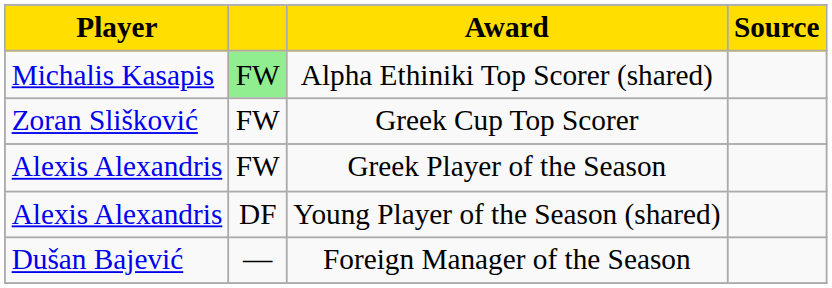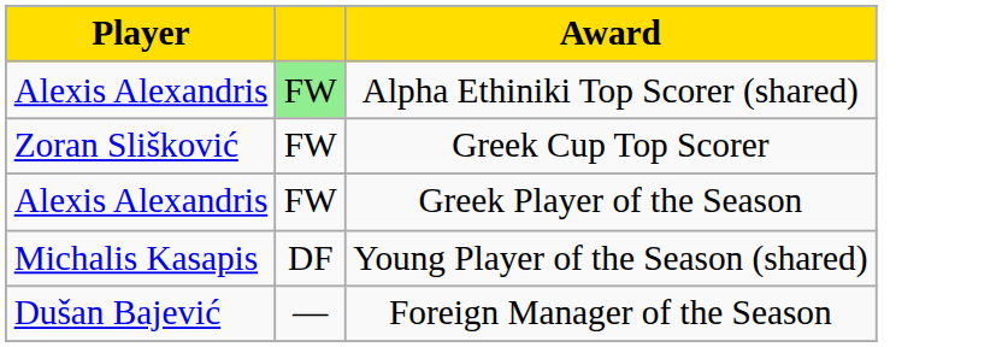 <table class="wikitable">
 <tr>
 <th style="background:#FFDE00">Player</th>
 <th style="background:#FFDE00"></th>
 <th style="background:#FFDE00">Award</th>
-<th style="background:#FFDE00">Source</th>
 </tr>
 <tr>
-<td> <a href='#'>Michalis Kasapis</a></td>
+<td> <a href='#'>Alexis Alexandris</a></td>
 <td align="center" style="background: lightgreen;">FW</td>
 <td align="center">Alpha Ethiniki Top Scorer (shared)</td>
-<td align="center"></td>
 </tr>
 <tr>
 <td> <a href='#'>Zoran Slišković</a></td>
 <td align="center">FW</td>
 <td align="center">Greek Cup Top Scorer</td>
-<td align="center"></td>
 </tr>
 <tr>
 <td> <a href='#'>Alexis Alexandris</a></td>
 <td align="center">FW</td>
 <td align="center">Greek Player of the Season</td>
-<td align="center"></td>
 </tr>
 <tr>
-<td> <a href='#'>Alexis Alexandris</a></td>
+<td> <a href='#'>Michalis Kasapis</a></td>
 <td align="center">DF</td>
 <td align="center">Young Player of the Season (shared)</td>
-<td align="center"></td>
 </tr>
 <tr>
 <td> <a href='#'>Dušan Bajević</a></td>
 <td align="center">—</td>
 <td align="center">Foreign Manager of the Season</td>
-<td align="center"></td>
 </tr>
 </table>
